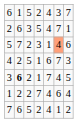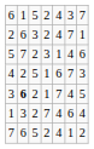 <table class="wikitable" style="margin:1em auto;">
 <tr>
 <td>6</td>
 <td>1</td>
 <td>5</td>
 <td>2</td>
 <td>4</td>
 <td>3</td>
 <td>7</td>
 </tr>
 <tr>
 <td>2</td>
 <td>6</td>
 <td>3</td>
-<td>5</td>
+<td>2</td>
 <td>4</td>
 <td>7</td>
 <td>1</td>
 </tr>
 <tr>
 <td>5</td>
 <td>7</td>
 <td>2</td>
 <td>3</td>
 <td>1</td>
-<td style="background: lightsalmon;">4</td>
+<td>4</td>
 <td>6</td>
 </tr>
 <tr>
 <td>4</td>
 <td>2</td>
 <td>5</td>
 <td>1</td>
 <td>6</td>
 <td>7</td>
 <td>3</td>
 </tr>
 <tr>
 <td>3</td>
 <td><strong>6</strong></td>
 <td>2</td>
 <td>1</td>
 <td>7</td>
 <td>4</td>
 <td>5</td>
 </tr>
 <tr>
 <td>1</td>
-<td>2</td>
+<td>3</td>
 <td>2</td>
 <td>7</td>
 <td>4</td>
 <td>6</td>
 <td>4</td>
 </tr>
 <tr>
 <td>7</td>
 <td>6</td>
 <td>5</td>
 <td>2</td>
 <td>4</td>
 <td>1</td>
 <td>2</td>
 </tr>
 </table>
